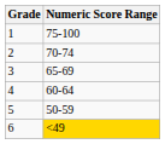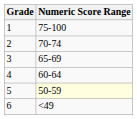 <table class="wikitable">
 <tr>
 <th>Grade</th>
 <th>Numeric Score Range</th>
 </tr>
 <tr>
 <td>1</td>
 <td>75-100</td>
 </tr>
 <tr>
 <td>2</td>
 <td>70-74</td>
 </tr>
 <tr>
 <td>3</td>
 <td>65-69</td>
 </tr>
 <tr>
 <td>4</td>
 <td>60-64</td>
 </tr>
 <tr>
 <td>5</td>
-<td>50-59</td>
+<td style="background: lightyellow;">50-59</td>
 </tr>
 <tr>
 <td>6</td>
-<td style="background: gold;"><49</td>
+<td><49</td>
 </tr>
 </table>
